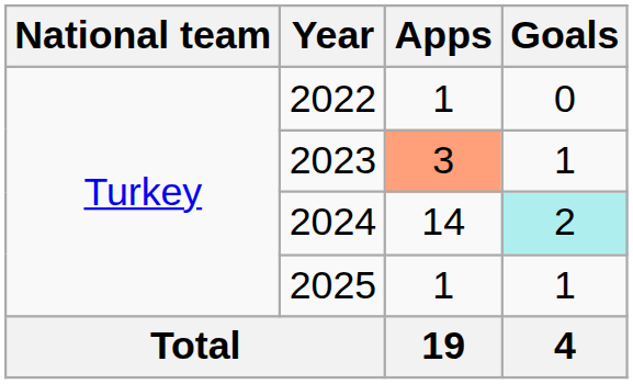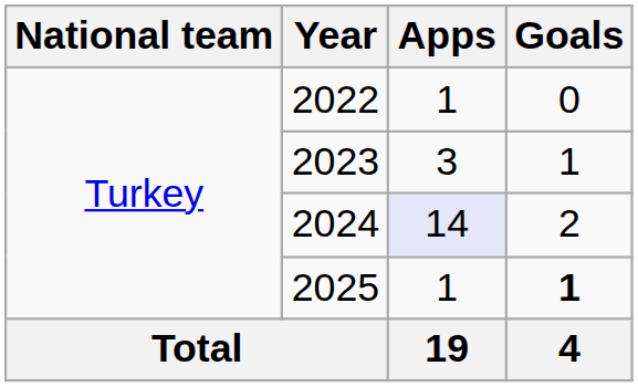 <table class="wikitable" style="text-align:center">
 <tr>
 <th>National team</th>
 <th>Year</th>
 <th>Apps</th>
 <th>Goals</th>
 </tr>
 <tr>
 <td rowspan="4"><a href='#'>Turkey</a></td>
 <td>2022</td>
 <td>1</td>
 <td>0</td>
 </tr>
 <tr>
 <td>2023</td>
-<td style="background: lightsalmon;">3</td>
+<td>3</td>
 <td>1</td>
 </tr>
 <tr>
 <td>2024</td>
-<td>14</td>
-<td style="background: paleturquoise;">2</td>
+<td style="background: lavender;">14</td>
+<td>2</td>
 </tr>
 <tr>
 <td>2025</td>
 <td>1</td>
-<td>1</td>
+<td><strong>1</strong></td>
 </tr>
 <tr>
 <th colspan="2">Total</th>
 <th>19</th>
 <th>4</th>
 </tr>
 </table>
